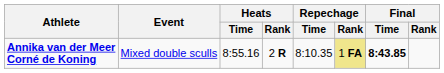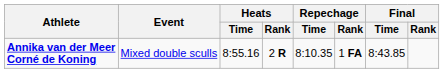 <table class="wikitable" style="font-size:90%">
 <tr>
 <th rowspan=2>Athlete</th>
 <th rowspan=2>Event</th>
 <th colspan=2>Heats</th>
 <th colspan=2>Repechage</th>
 <th colspan=2>Final</th>
 </tr>
 <tr style="font-size:95%">
 <th>Time</th>
 <th>Rank</th>
 <th>Time</th>
 <th>Rank</th>
 <th>Time</th>
 <th>Rank</th>
 </tr>
 <tr align=center>
 <td align=left><strong><a href='#'>Annika van der Meer</a><br><a href='#'>Corné de Koning</a></strong></td>
 <td align=left><a href='#'>Mixed double sculls</a></td>
 <td>8:55.16</td>
 <td>2 <strong>R</strong></td>
 <td>8:10.35</td>
-<td style="background: khaki;">1 <strong>FA</strong></td>
-<td><strong>8:43.85</strong></td>
+<td>1 <strong>FA</strong></td>
+<td>8:43.85</td>
 <td></td>
 </tr>
 </table>
